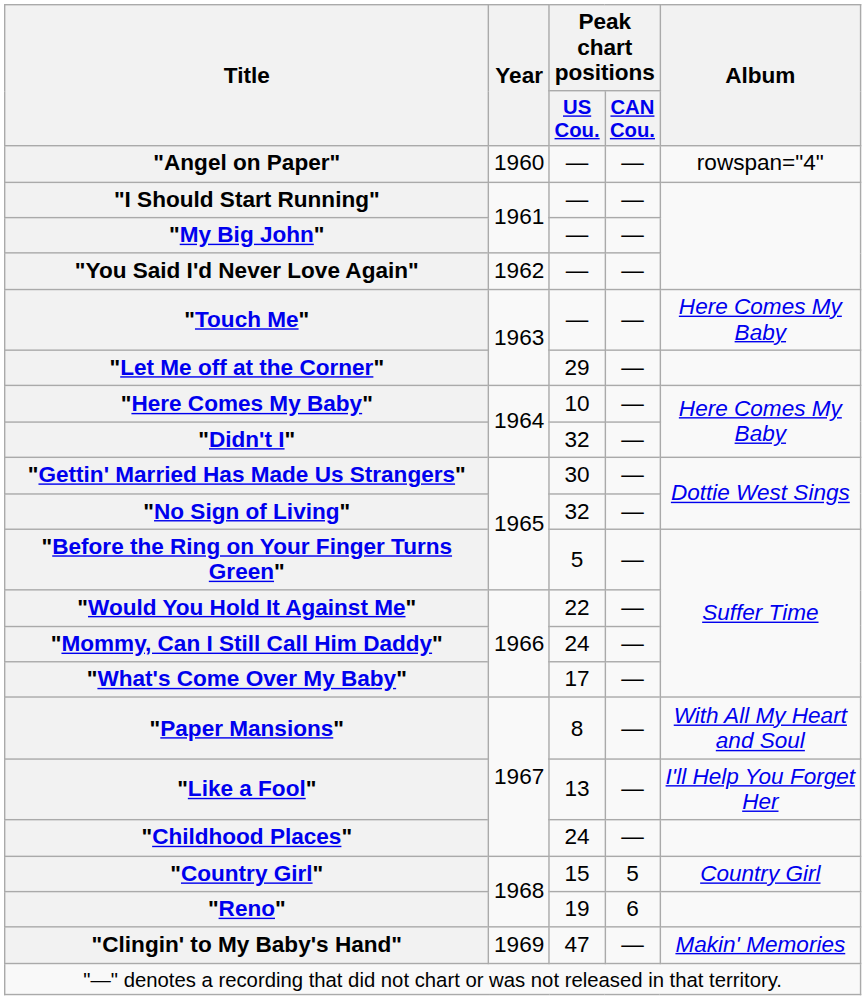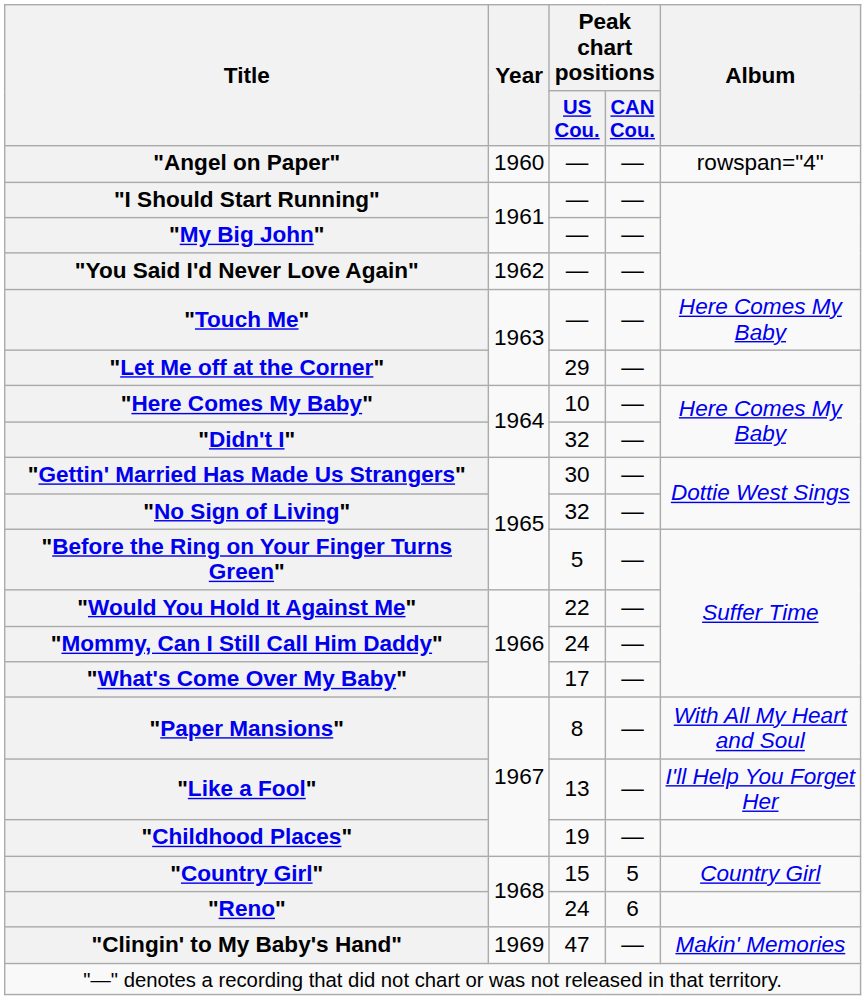 <table class="wikitable plainrowheaders" style="text-align:center;" border="1">
 <tr>
 <th scope="col" rowspan="2" style="width:21em;">Title</th>
 <th scope="col" rowspan="2">Year</th>
 <th scope="col" colspan="2">Peak chart<br>positions</th>
 <th scope="col" rowspan="2">Album</th>
 </tr>
 <tr>
 <th scope="col" style="width:2em;font-size:90%;"><a href='#'>US<br>Cou.</a><br></th>
 <th scope="col" style="width:2em;font-size:90%;"><a href='#'>CAN<br>Cou.</a><br></th>
 </tr>
 <tr>
 <th scope="row">"Angel on Paper"</th>
 <td>1960</td>
 <td>—</td>
 <td>—</td>
 <td>rowspan="4" </td>
 </tr>
 <tr>
 <th scope="row">"I Should Start Running"</th>
 <td rowspan="2">1961</td>
 <td>—</td>
 <td>—</td>
 </tr>
 <tr>
 <th scope="row">"<a href='#'>My Big John</a>"</th>
 <td>—</td>
 <td>—</td>
 </tr>
 <tr>
 <th scope="row">"You Said I'd Never Love Again"</th>
 <td>1962</td>
 <td>—</td>
 <td>—</td>
 </tr>
 <tr>
 <th scope="row">"<a href='#'>Touch Me</a>"</th>
 <td rowspan="2">1963</td>
 <td>—</td>
 <td>—</td>
 <td><em><a href='#'>Here Comes My Baby</a></em></td>
 </tr>
 <tr>
 <th scope="row">"<a href='#'>Let Me off at the Corner</a>"</th>
 <td>29</td>
 <td>—</td>
 <td></td>
 </tr>
 <tr>
 <th scope="row">"<a href='#'>Here Comes My Baby</a>"</th>
 <td rowspan="2">1964</td>
 <td>10</td>
 <td>—</td>
 <td rowspan="2"><em><a href='#'>Here Comes My Baby</a></em></td>
 </tr>
 <tr>
 <th scope="row">"<a href='#'>Didn't I</a>"</th>
 <td>32</td>
 <td>—</td>
 </tr>
 <tr>
 <th scope="row">"<a href='#'>Gettin' Married Has Made Us Strangers</a>"</th>
 <td rowspan="3">1965</td>
 <td>30</td>
 <td>—</td>
 <td rowspan="2"><em><a href='#'>Dottie West Sings</a></em></td>
 </tr>
 <tr>
 <th scope="row">"<a href='#'>No Sign of Living</a>"</th>
 <td>32</td>
 <td>—</td>
 </tr>
 <tr>
 <th scope="row">"<a href='#'>Before the Ring on Your Finger Turns Green</a>"</th>
 <td>5</td>
 <td>—</td>
 <td rowspan="4"><em><a href='#'>Suffer Time</a></em></td>
 </tr>
 <tr>
 <th scope="row">"<a href='#'>Would You Hold It Against Me</a>"</th>
 <td rowspan="3">1966</td>
 <td>22</td>
 <td>—</td>
 </tr>
 <tr>
 <th scope="row">"<a href='#'>Mommy, Can I Still Call Him Daddy</a>"</th>
 <td>24</td>
 <td>—</td>
 </tr>
 <tr>
 <th scope="row">"<a href='#'>What's Come Over My Baby</a>"</th>
 <td>17</td>
 <td>—</td>
 </tr>
 <tr>
 <th scope="row">"<a href='#'>Paper Mansions</a>"</th>
 <td rowspan="3">1967</td>
 <td>8</td>
 <td>—</td>
 <td><em><a href='#'>With All My Heart and Soul</a></em></td>
 </tr>
 <tr>
 <th scope="row">"<a href='#'>Like a Fool</a>"</th>
 <td>13</td>
 <td>—</td>
 <td><em><a href='#'>I'll Help You Forget Her</a></em></td>
 </tr>
 <tr>
 <th scope="row">"<a href='#'>Childhood Places</a>"</th>
-<td>24</td>
+<td>19</td>
 <td>—</td>
 <td></td>
 </tr>
 <tr>
 <th scope="row">"<a href='#'>Country Girl</a>"</th>
 <td rowspan="2">1968</td>
 <td>15</td>
 <td>5</td>
 <td><em><a href='#'>Country Girl</a></em></td>
 </tr>
 <tr>
 <th scope="row">"<a href='#'>Reno</a>"</th>
-<td>19</td>
+<td>24</td>
 <td>6</td>
 <td></td>
 </tr>
 <tr>
 <th scope="row">"Clingin' to My Baby's Hand"</th>
 <td>1969</td>
 <td>47</td>
 <td>—</td>
 <td><em><a href='#'>Makin' Memories</a></em></td>
 </tr>
 <tr>
 <td colspan="5" style="font-size:90%">"—" denotes a recording that did not chart or was not released in that territory.</td>
 </tr>
 </table>
